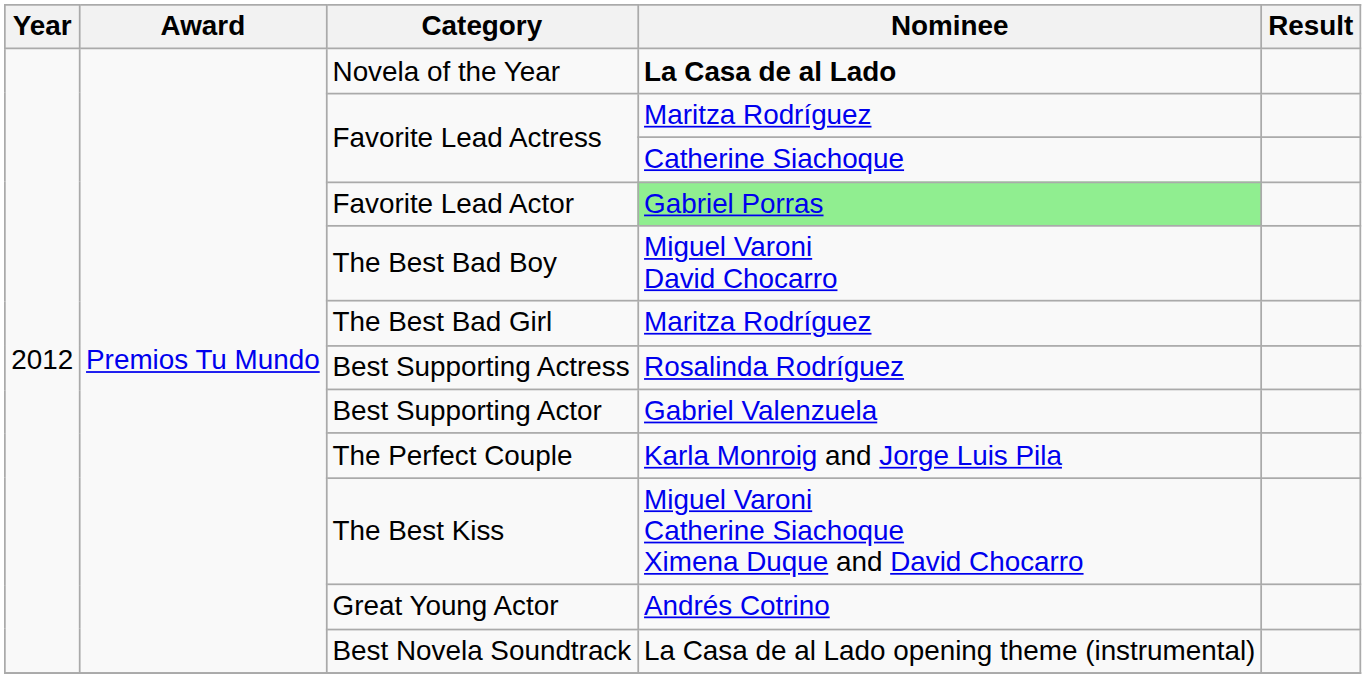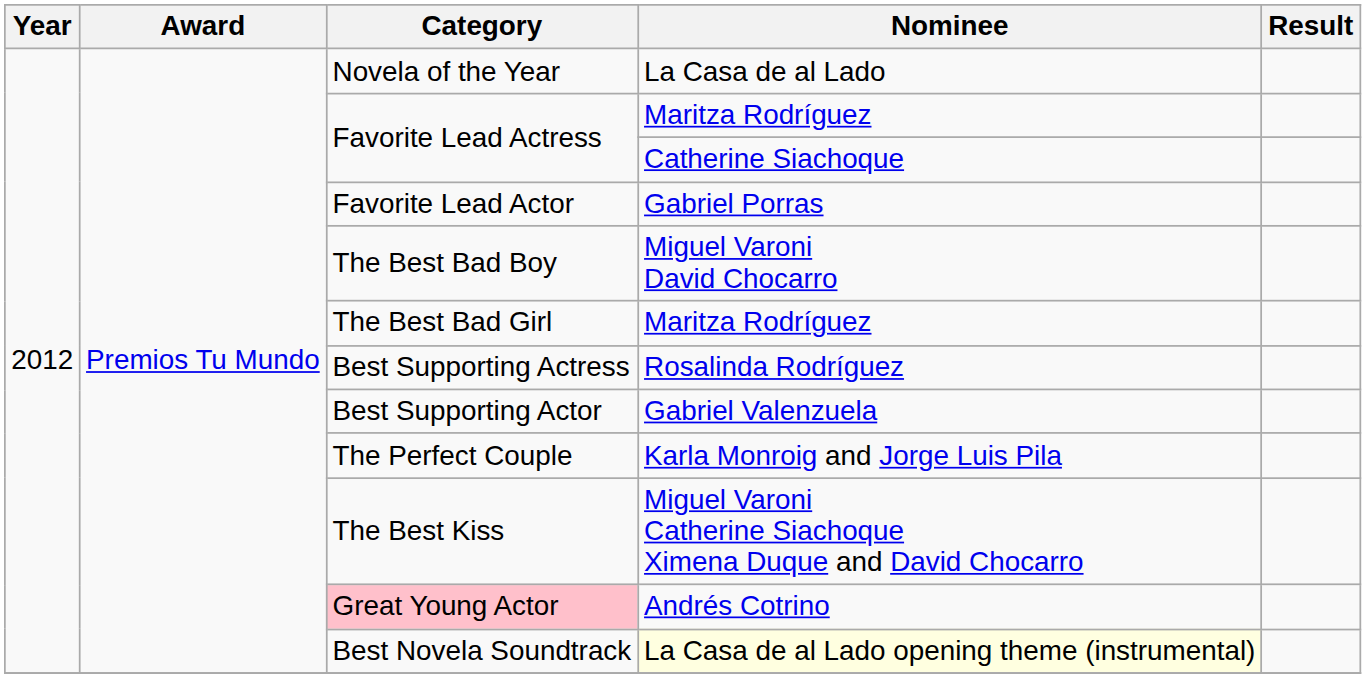 <table class="wikitable">
 <tr>
 <th>Year</th>
 <th>Award</th>
 <th>Category</th>
 <th>Nominee</th>
 <th>Result</th>
 </tr>
 <tr>
 <td rowspan=12>2012</td>
 <td rowspan=12><a href='#'>Premios Tu Mundo</a></td>
 <td>Novela of the Year</td>
-<td><strong>La Casa de al Lado</strong></td>
+<td>La Casa de al Lado</td>
 <td></td>
 </tr>
 <tr>
 <td rowspan=2>Favorite Lead Actress</td>
 <td><a href='#'>Maritza Rodríguez</a></td>
 <td></td>
 </tr>
 <tr>
 <td><a href='#'>Catherine Siachoque</a></td>
 <td></td>
 </tr>
 <tr>
 <td>Favorite Lead Actor</td>
-<td style="background: lightgreen;"><a href='#'>Gabriel Porras</a></td>
+<td><a href='#'>Gabriel Porras</a></td>
 <td></td>
 </tr>
 <tr>
 <td>The Best Bad Boy</td>
 <td><a href='#'>Miguel Varoni</a><br><a href='#'>David Chocarro</a></td>
 <td></td>
 </tr>
 <tr>
 <td>The Best Bad Girl</td>
 <td><a href='#'>Maritza Rodríguez</a></td>
 <td></td>
 </tr>
 <tr>
 <td>Best Supporting Actress</td>
 <td><a href='#'>Rosalinda Rodríguez</a></td>
 <td></td>
 </tr>
 <tr>
 <td>Best Supporting Actor</td>
 <td><a href='#'>Gabriel Valenzuela</a></td>
 <td></td>
 </tr>
 <tr>
 <td>The Perfect Couple</td>
 <td><a href='#'>Karla Monroig</a> and <a href='#'>Jorge Luis Pila</a></td>
 <td></td>
 </tr>
 <tr>
 <td>The Best Kiss</td>
 <td><a href='#'>Miguel Varoni</a><br><a href='#'>Catherine Siachoque</a><br><a href='#'>Ximena Duque</a> and <a href='#'>David Chocarro</a></td>
 <td></td>
 </tr>
 <tr>
-<td>Great Young Actor</td>
+<td style="background: pink;">Great Young Actor</td>
 <td><a href='#'>Andrés Cotrino</a></td>
 <td></td>
 </tr>
 <tr>
 <td>Best Novela Soundtrack</td>
-<td>La Casa de al Lado opening theme (instrumental)</td>
+<td style="background: lightyellow;">La Casa de al Lado opening theme (instrumental)</td>
 <td></td>
 </tr>
 <tr>
 </tr>
 </table>
